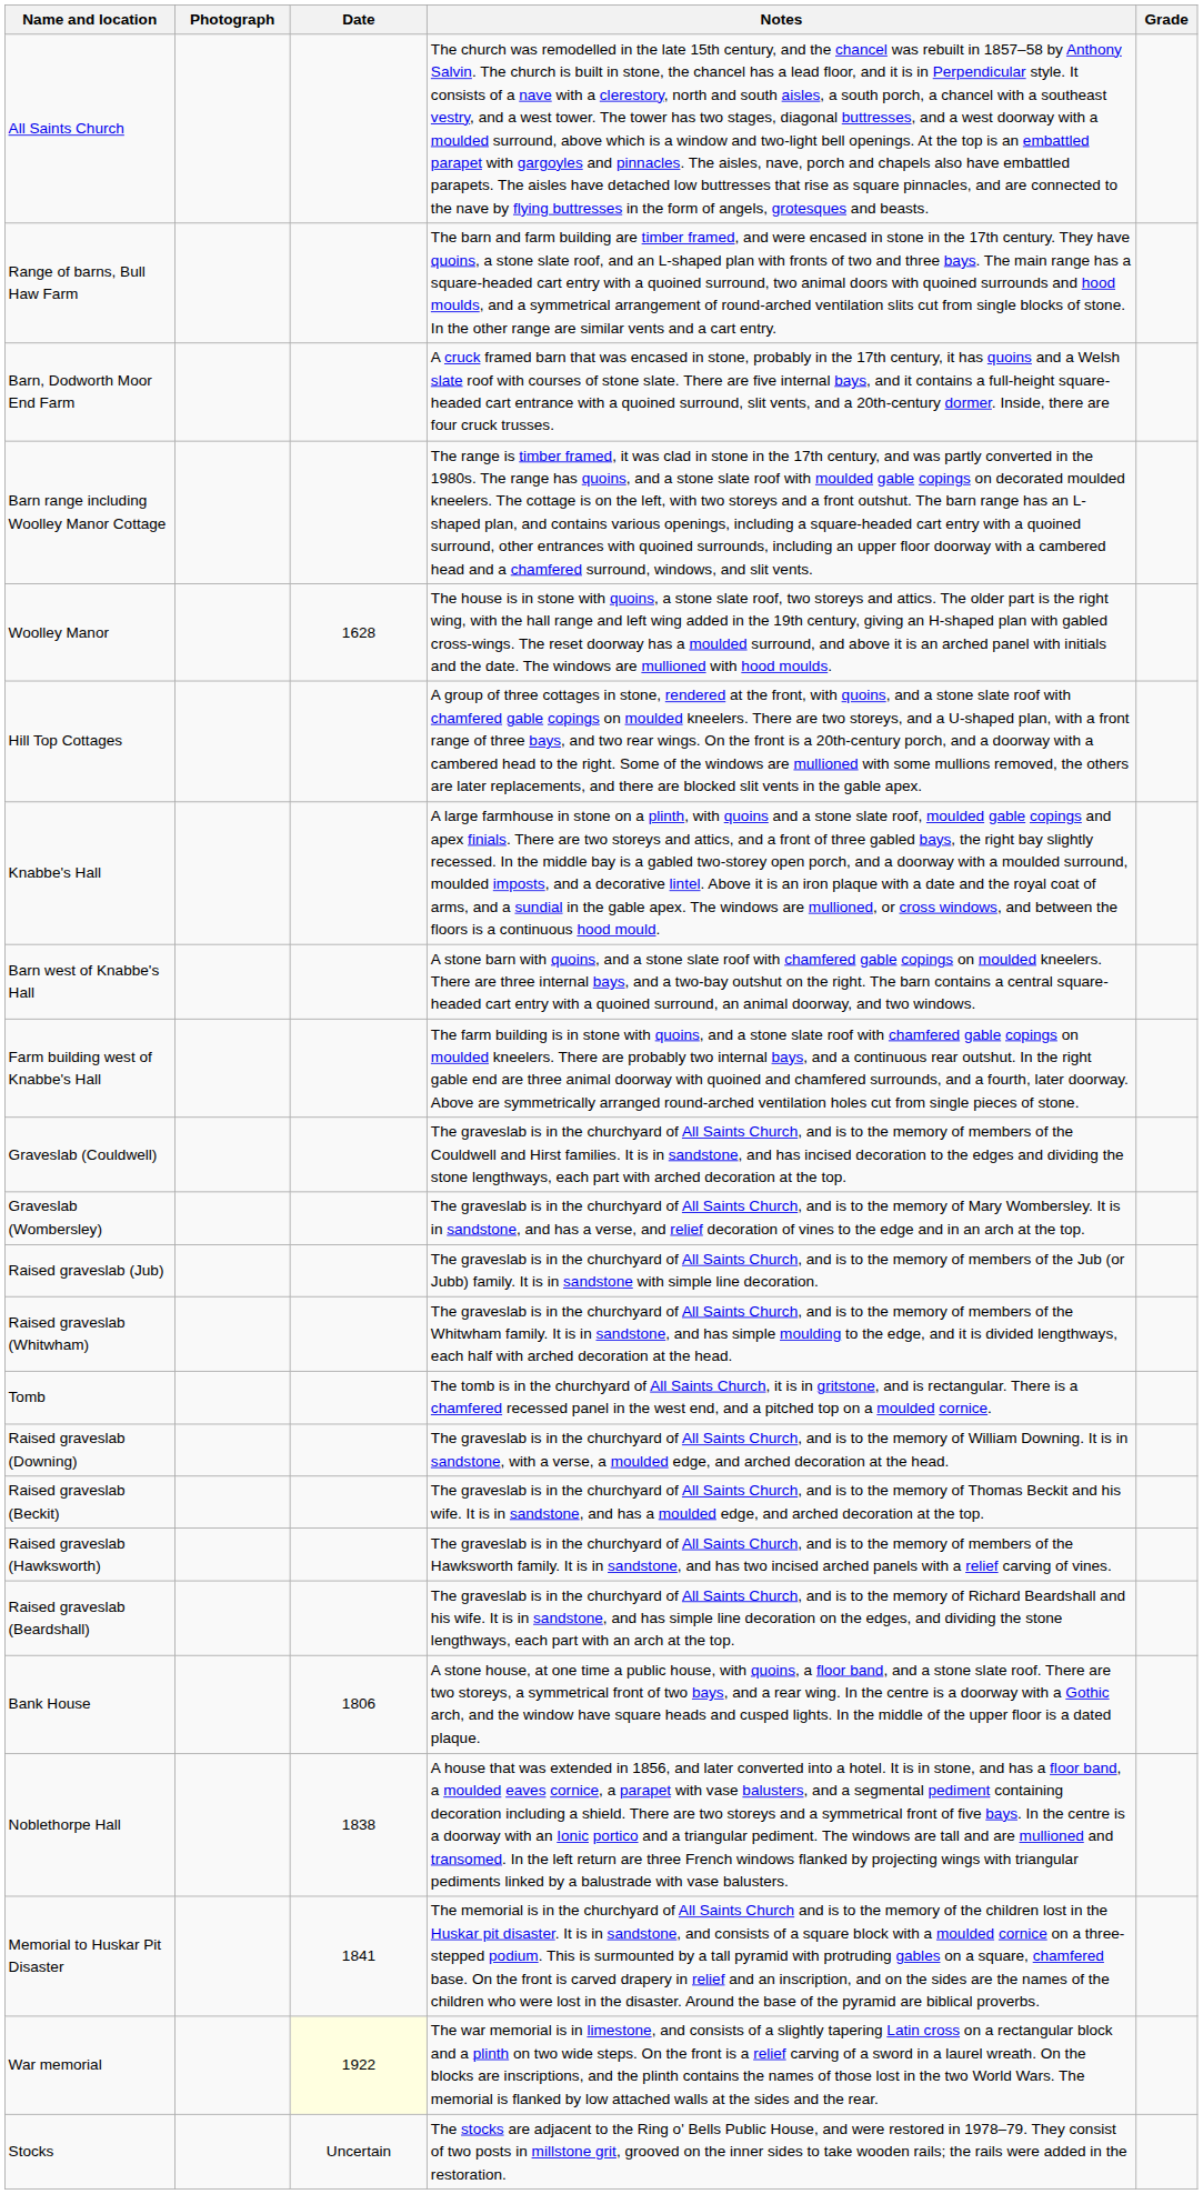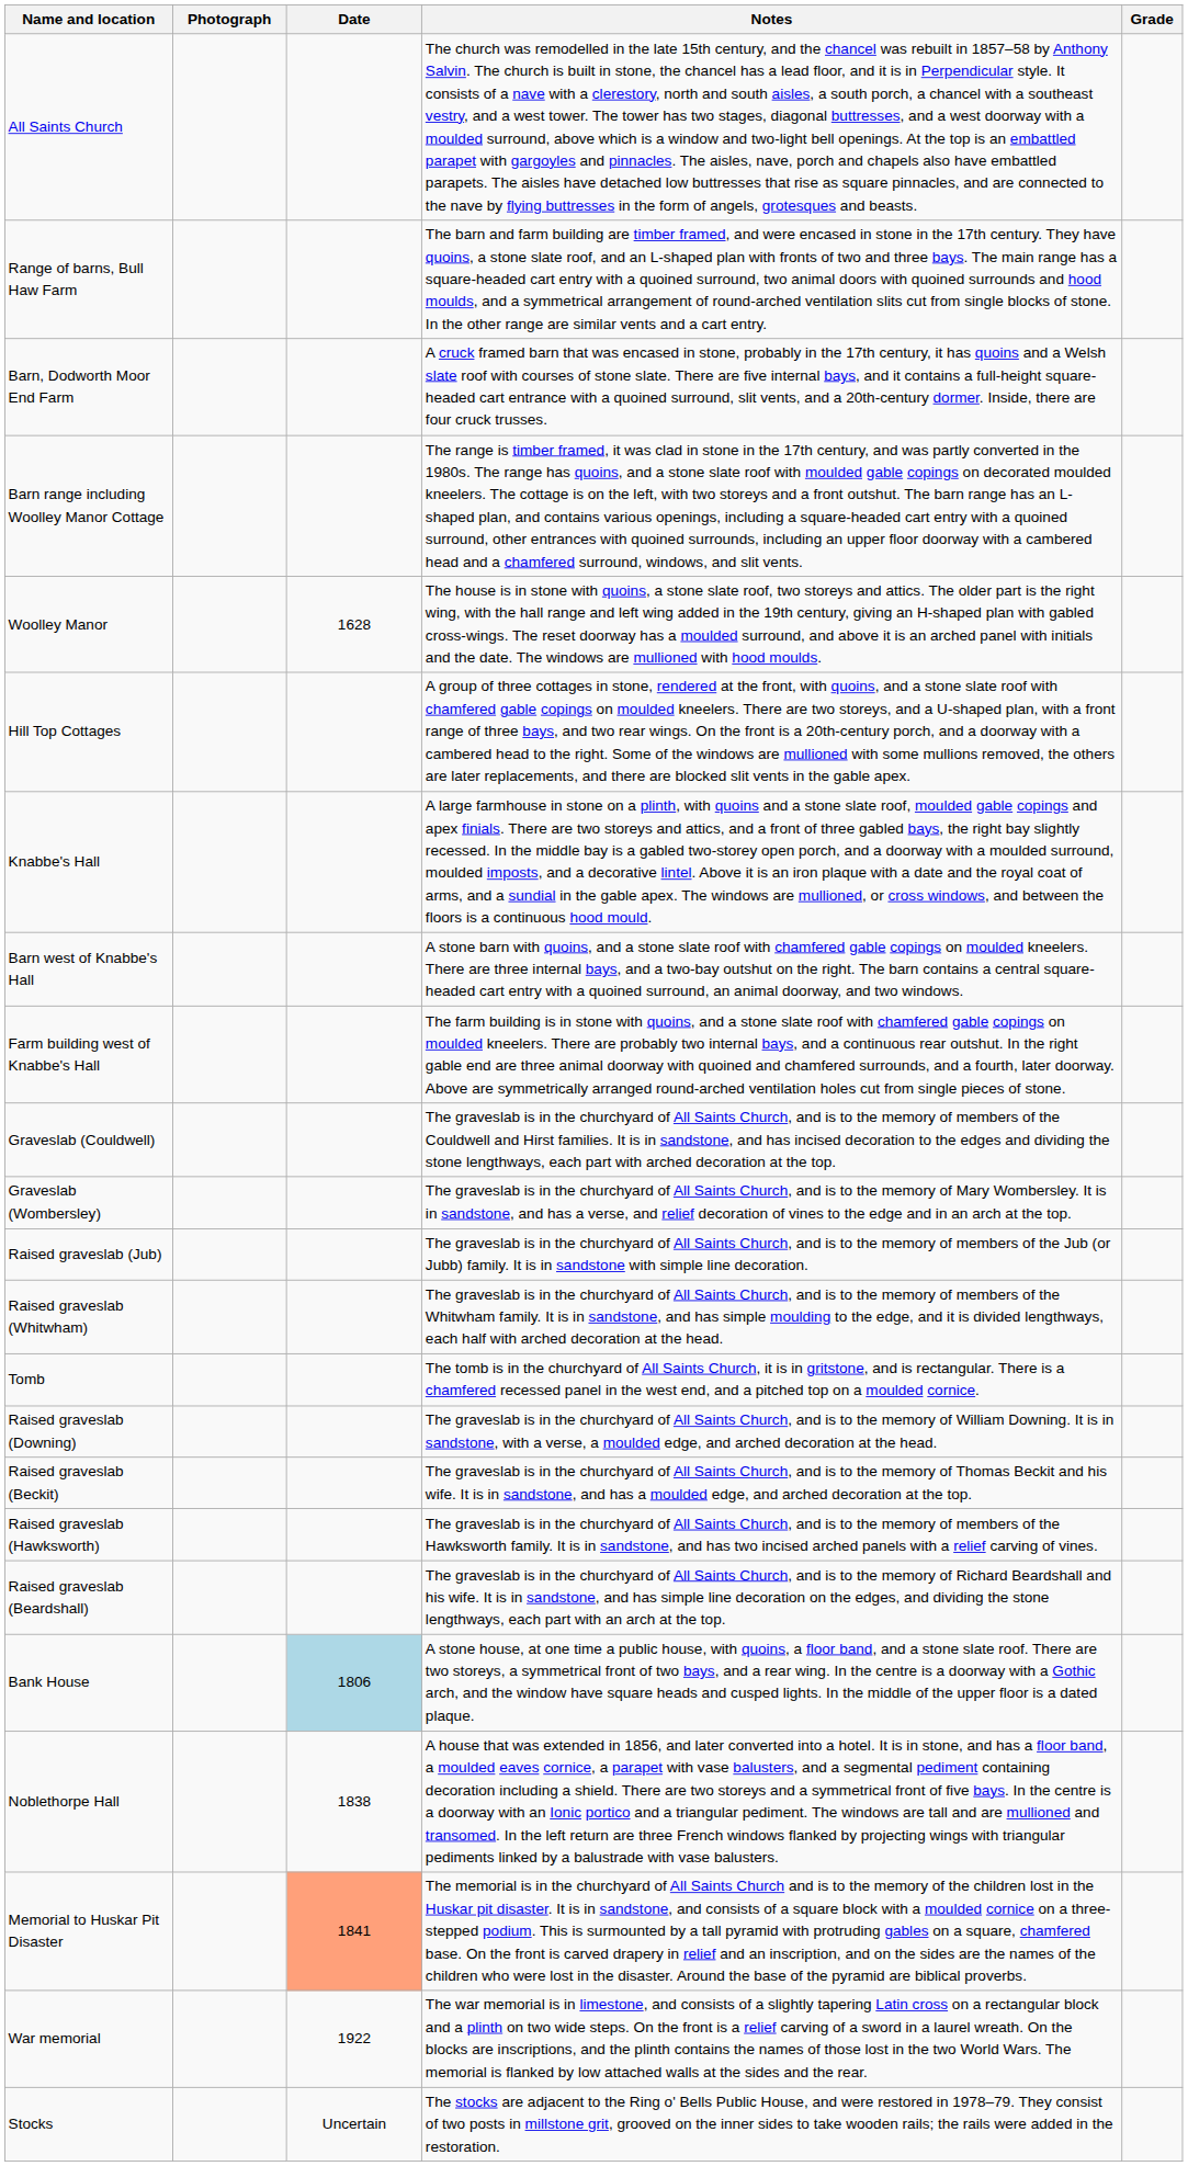 <table class="wikitable sortable plainrowheaders" style="width:100%; border:0; text-align:left; line-height:150%;">
 <tr>
 <th scope="col"  style="width:150px">Name and location</th>
 <th scope="col"  style="width:100px" class="unsortable">Photograph</th>
 <th scope="col"  style="width:120px">Date</th>
 <th scope="col"  style="width:650px" class="unsortable">Notes</th>
 <th scope="col"  style="width:50px">Grade</th>
 </tr>
 <tr>
 <td><a href='#'>All Saints Church</a><br><small></small></td>
 <td></td>
 <td align="center"></td>
 <td>The church was remodelled in the late 15th century, and the <a href='#'>chancel</a> was rebuilt in 1857–58 by <a href='#'>Anthony Salvin</a>.  The church is built in stone, the chancel has a lead floor, and it is in <a href='#'>Perpendicular</a> style.  It consists of a <a href='#'>nave</a> with a <a href='#'>clerestory</a>, north and south <a href='#'>aisles</a>, a south porch, a chancel with a southeast <a href='#'>vestry</a>, and a west tower.  The tower has two stages, diagonal <a href='#'>buttresses</a>, and a west doorway with a <a href='#'>moulded</a> surround, above which is a window and two-light bell openings.  At the top is an <a href='#'>embattled</a> <a href='#'>parapet</a> with <a href='#'>gargoyles</a> and <a href='#'>pinnacles</a>.  The aisles, nave, porch and chapels also have embattled parapets.  The aisles have detached low buttresses that rise as square pinnacles, and are connected to the nave by <a href='#'>flying buttresses</a> in the form of angels, <a href='#'>grotesques</a> and beasts.</td>
 <td align="center" ></td>
 </tr>
 <tr>
 <td>Range of barns, Bull Haw Farm<br><small></small></td>
 <td></td>
 <td align="center"></td>
 <td>The barn and farm building are <a href='#'>timber framed</a>, and were encased in stone in the 17th century.  They have <a href='#'>quoins</a>, a stone slate roof, and an L-shaped plan with fronts of two and three <a href='#'>bays</a>.  The main range has a square-headed cart entry with a quoined surround, two animal doors with quoined surrounds and <a href='#'>hood moulds</a>, and a symmetrical arrangement of round-arched ventilation slits cut from single blocks of stone.  In the other range are similar vents and a cart entry.</td>
 <td align="center" ></td>
 </tr>
 <tr>
 <td>Barn, Dodworth Moor End Farm<br><small></small></td>
 <td></td>
 <td align="center"></td>
 <td>A <a href='#'>cruck</a> framed barn that was encased in stone, probably in the 17th century, it has <a href='#'>quoins</a> and a Welsh <a href='#'>slate</a> roof with courses of stone slate.  There are five internal <a href='#'>bays</a>, and it contains a full-height square-headed cart entrance with a quoined surround, slit vents, and a 20th-century <a href='#'>dormer</a>.  Inside, there are four cruck trusses.</td>
 <td align="center" ></td>
 </tr>
 <tr>
 <td>Barn range including Woolley Manor Cottage<br><small></small></td>
 <td></td>
 <td align="center"></td>
 <td>The range is <a href='#'>timber framed</a>, it was clad in stone in the 17th century, and was partly converted in the 1980s.  The range has <a href='#'>quoins</a>, and a stone slate roof with <a href='#'>moulded</a> <a href='#'>gable</a> <a href='#'>copings</a> on decorated moulded kneelers.  The cottage is on the left, with two storeys and a front outshut.  The barn range has an L-shaped plan, and contains various openings, including a square-headed cart entry with a quoined surround, other entrances with quoined surrounds, including an upper floor doorway with a cambered head and a <a href='#'>chamfered</a> surround, windows, and slit vents.</td>
 <td align="center" ></td>
 </tr>
 <tr>
 <td>Woolley Manor<br><small></small></td>
 <td></td>
 <td align="center">1628</td>
 <td>The house is in stone with <a href='#'>quoins</a>, a stone slate roof, two storeys and attics.  The older part is the right wing, with the hall range and left wing added in the 19th century, giving an H-shaped plan with gabled cross-wings.  The reset doorway has a <a href='#'>moulded</a> surround, and above it is an arched panel with initials and the date.  The windows are <a href='#'>mullioned</a> with <a href='#'>hood moulds</a>.</td>
 <td align="center" ></td>
 </tr>
 <tr>
 <td>Hill Top Cottages<br><small></small></td>
 <td></td>
 <td align="center"></td>
 <td>A group of three cottages in stone, <a href='#'>rendered</a> at the front, with <a href='#'>quoins</a>, and a stone slate roof with <a href='#'>chamfered</a> <a href='#'>gable</a> <a href='#'>copings</a> on <a href='#'>moulded</a> kneelers.  There are two storeys, and a U-shaped plan, with a front range of three <a href='#'>bays</a>, and two rear wings.  On the front is a 20th-century porch, and a doorway with a cambered head to the right.  Some of the windows are <a href='#'>mullioned</a> with some mullions removed, the others are later replacements, and there are blocked slit vents in the gable apex.</td>
 <td align="center" ></td>
 </tr>
 <tr>
 <td>Knabbe's Hall<br><small></small></td>
 <td></td>
 <td align="center"></td>
 <td>A large farmhouse in stone on a <a href='#'>plinth</a>, with <a href='#'>quoins</a> and a stone slate roof, <a href='#'>moulded</a> <a href='#'>gable</a> <a href='#'>copings</a> and apex <a href='#'>finials</a>.  There are two storeys and attics, and a front of three gabled <a href='#'>bays</a>, the right bay slightly recessed.  In the middle bay is a gabled two-storey open porch, and a doorway with a moulded surround, moulded <a href='#'>imposts</a>, and a decorative <a href='#'>lintel</a>.  Above it is an iron plaque with a date and the royal coat of arms, and a <a href='#'>sundial</a> in the gable apex.  The windows are <a href='#'>mullioned</a>, or <a href='#'>cross windows</a>, and between the floors is a continuous <a href='#'>hood mould</a>.</td>
 <td align="center" ></td>
 </tr>
 <tr>
 <td>Barn west of Knabbe's Hall<br><small></small></td>
 <td></td>
 <td align="center"></td>
 <td>A stone barn with <a href='#'>quoins</a>, and a stone slate roof with <a href='#'>chamfered</a> <a href='#'>gable</a> <a href='#'>copings</a> on <a href='#'>moulded</a> kneelers.  There are three internal <a href='#'>bays</a>, and a two-bay outshut on the right.  The barn contains a central square-headed cart entry with a quoined surround, an animal doorway, and two windows.</td>
 <td align="center" ></td>
 </tr>
 <tr>
 <td>Farm building west of Knabbe's Hall<br><small></small></td>
 <td></td>
 <td align="center"></td>
 <td>The farm building is in stone with <a href='#'>quoins</a>, and a stone slate roof with <a href='#'>chamfered</a> <a href='#'>gable</a> <a href='#'>copings</a> on <a href='#'>moulded</a> kneelers.  There are probably two internal <a href='#'>bays</a>, and a continuous rear outshut.  In the right gable end are three animal doorway with quoined and chamfered surrounds, and a fourth, later doorway. Above are symmetrically arranged round-arched ventilation holes cut from single pieces of stone.</td>
 <td align="center" ></td>
 </tr>
 <tr>
 <td>Graveslab (Couldwell)<br><small></small></td>
 <td></td>
 <td align="center"></td>
 <td>The graveslab is in the churchyard of <a href='#'>All Saints Church</a>, and is to the memory of members of the Couldwell and Hirst families.  It is in <a href='#'>sandstone</a>, and has incised decoration to the edges and dividing the stone lengthways, each part with arched decoration at the top.</td>
 <td align="center" ></td>
 </tr>
 <tr>
 <td>Graveslab (Wombersley)<br><small></small></td>
 <td></td>
 <td align="center"></td>
 <td>The graveslab is in the churchyard of <a href='#'>All Saints Church</a>, and is to the memory of Mary Wombersley.  It is in <a href='#'>sandstone</a>, and has a verse, and <a href='#'>relief</a> decoration of vines to the edge and in an arch at the top.</td>
 <td align="center" ></td>
 </tr>
 <tr>
 <td>Raised graveslab (Jub)<br><small></small></td>
 <td></td>
 <td align="center"></td>
 <td>The graveslab is in the churchyard of <a href='#'>All Saints Church</a>, and is to the memory of members of the Jub (or Jubb) family.  It is in <a href='#'>sandstone</a> with simple line decoration.</td>
 <td align="center" ></td>
 </tr>
 <tr>
 <td>Raised graveslab (Whitwham)<br><small></small></td>
 <td></td>
 <td align="center"></td>
 <td>The graveslab is in the churchyard of <a href='#'>All Saints Church</a>, and is to the memory of members of the Whitwham family.  It is in <a href='#'>sandstone</a>, and has simple <a href='#'>moulding</a> to the edge, and it is divided lengthways, each half with arched decoration at the head.</td>
 <td align="center" ></td>
 </tr>
 <tr>
 <td>Tomb<br><small></small></td>
 <td></td>
 <td align="center"></td>
 <td>The tomb is in the churchyard of <a href='#'>All Saints Church</a>, it is in <a href='#'>gritstone</a>, and is rectangular.  There is a <a href='#'>chamfered</a> recessed panel in the west end, and a pitched  top on a <a href='#'>moulded</a> <a href='#'>cornice</a>.</td>
 <td align="center" ></td>
 </tr>
 <tr>
 <td>Raised graveslab (Downing)<br><small></small></td>
 <td></td>
 <td align="center"></td>
 <td>The graveslab is in the churchyard of <a href='#'>All Saints Church</a>, and is to the memory of William Downing.  It is in <a href='#'>sandstone</a>, with a verse, a <a href='#'>moulded</a> edge, and arched decoration at the head.</td>
 <td align="center" ></td>
 </tr>
 <tr>
 <td>Raised graveslab (Beckit)<br><small></small></td>
 <td></td>
 <td align="center"></td>
 <td>The graveslab is in the churchyard of <a href='#'>All Saints Church</a>, and is to the memory of Thomas Beckit and his wife.  It is in <a href='#'>sandstone</a>, and has a <a href='#'>moulded</a> edge, and arched decoration at the top.</td>
 <td align="center" ></td>
 </tr>
 <tr>
 <td>Raised graveslab (Hawksworth)<br><small></small></td>
 <td></td>
 <td align="center"></td>
 <td>The graveslab is in the churchyard of <a href='#'>All Saints Church</a>, and is to the memory of members of the Hawksworth family.  It is in <a href='#'>sandstone</a>, and has two incised arched panels with a <a href='#'>relief</a> carving of vines.</td>
 <td align="center" ></td>
 </tr>
 <tr>
 <td>Raised graveslab (Beardshall)<br><small></small></td>
 <td></td>
 <td align="center"></td>
 <td>The graveslab is in the churchyard of <a href='#'>All Saints Church</a>, and is to the memory of Richard Beardshall and his wife.  It is in <a href='#'>sandstone</a>, and has simple line decoration on the edges, and dividing the stone lengthways, each part with an arch at the top.</td>
 <td align="center" ></td>
 </tr>
 <tr>
 <td>Bank House<br><small></small></td>
 <td></td>
-<td align="center">1806</td>
+<td align="center" style="background: lightblue;">1806</td>
 <td>A stone house, at one time a public house, with <a href='#'>quoins</a>, a <a href='#'>floor band</a>, and a stone slate roof.  There are two storeys, a symmetrical front of two <a href='#'>bays</a>, and a rear wing.  In the centre is a doorway with a <a href='#'>Gothic</a> arch, and the window have square heads and cusped lights.  In the middle of the upper floor is a dated plaque.</td>
 <td align="center" ></td>
 </tr>
 <tr>
 <td>Noblethorpe Hall<br><small></small></td>
 <td></td>
 <td align="center">1838</td>
 <td>A house that was extended in 1856, and later converted into a hotel.  It is in stone, and has a <a href='#'>floor band</a>, a <a href='#'>moulded</a> <a href='#'>eaves</a> <a href='#'>cornice</a>, a <a href='#'>parapet</a> with vase <a href='#'>balusters</a>, and a segmental <a href='#'>pediment</a> containing decoration including a shield.  There are two storeys and a symmetrical front of five <a href='#'>bays</a>.  In the centre is a doorway with an <a href='#'>Ionic</a> <a href='#'>portico</a> and a triangular pediment.  The windows are tall and are <a href='#'>mullioned</a> and <a href='#'>transomed</a>.  In the left return are three French windows flanked by projecting wings with triangular pediments linked by a balustrade with vase balusters.</td>
 <td align="center" ></td>
 </tr>
 <tr>
 <td>Memorial to Huskar Pit Disaster<br><small></small></td>
 <td></td>
-<td align="center">1841</td>
+<td align="center" style="background: lightsalmon;">1841</td>
 <td>The memorial is in the churchyard of <a href='#'>All Saints Church</a> and is to the memory of the children lost in the <a href='#'>Huskar pit disaster</a>.  It is in <a href='#'>sandstone</a>, and consists of a square block with a <a href='#'>moulded</a> <a href='#'>cornice</a> on a three-stepped <a href='#'>podium</a>.  This is surmounted by a tall pyramid with protruding <a href='#'>gables</a> on a square, <a href='#'>chamfered</a> base.  On the front is carved drapery in <a href='#'>relief</a> and an inscription, and on the sides are the names of the children who were lost in the disaster.  Around the base of the pyramid are biblical proverbs.</td>
 <td align="center" ></td>
 </tr>
 <tr>
 <td>War memorial<br><small></small></td>
 <td></td>
-<td align="center" style="background: lightyellow;">1922</td>
+<td align="center">1922</td>
 <td>The war memorial is in <a href='#'>limestone</a>, and consists of a slightly tapering <a href='#'>Latin cross</a> on a rectangular block and a <a href='#'>plinth</a> on two wide steps.  On the front is a <a href='#'>relief</a> carving of a sword in a laurel wreath.  On the blocks are inscriptions, and the plinth contains the names of those lost in the two World Wars.  The memorial is flanked by low attached walls at the sides and the rear.</td>
 <td align="center" ></td>
 </tr>
 <tr>
 <td>Stocks<br><small></small></td>
 <td></td>
 <td align="center">Uncertain</td>
 <td>The <a href='#'>stocks</a> are adjacent to the Ring o' Bells Public House, and were restored in 1978–79.  They consist of two posts in <a href='#'>millstone grit</a>, grooved on the inner sides to take wooden rails; the rails were added in the restoration.</td>
 <td align="center" ></td>
 </tr>
 <tr>
 </tr>
 </table>
